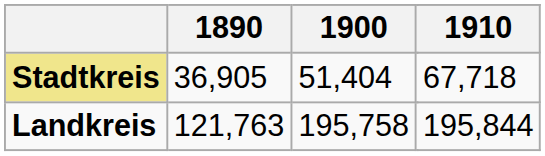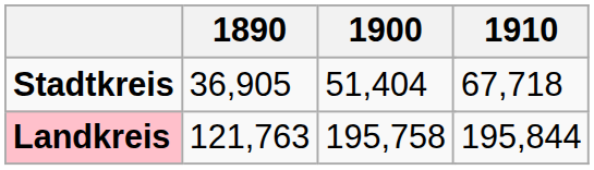 <table class="wikitable">
 <tr>
 <th></th>
 <th colspan="2">1890</th>
 <th colspan=3>1900</th>
 <th colspan=4>1910</th>
 </tr>
 <tr>
-<td style="background: khaki;"><strong>Stadtkreis</strong></td>
+<td><strong>Stadtkreis</strong></td>
 <td colspan=2>36,905</td>
 <td colspan=3>51,404</td>
 <td colspan=4>67,718</td>
 </tr>
 <tr>
-<td><strong>Landkreis</strong></td>
+<td style="background: pink;"><strong>Landkreis</strong></td>
 <td colspan=2>121,763</td>
 <td colspan=3>195,758</td>
 <td colspan=4>195,844</td>
 </tr>
 </table>
